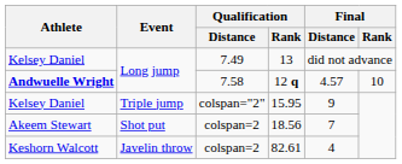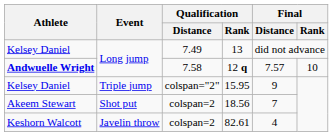 <table class="wikitable" style="font-size:90%; text-align:center">
 <tr>
 <th rowspan=2>Athlete</th>
 <th rowspan=2>Event</th>
 <th colspan=2>Qualification</th>
 <th colspan=2>Final</th>
 </tr>
 <tr style="font-size:95%">
 <th>Distance</th>
 <th>Rank</th>
 <th>Distance</th>
 <th>Rank</th>
 </tr>
 <tr>
 <td align=left><a href='#'>Kelsey Daniel</a></td>
 <td align=left rowspan=2><a href='#'>Long jump</a></td>
 <td>7.49</td>
 <td>13</td>
 <td colspan=2>did not advance</td>
 </tr>
 <tr>
 <td align=left><strong><a href='#'>Andwuelle Wright</a></strong></td>
 <td>7.58</td>
 <td>12 <strong>q</strong></td>
-<td>4.57</td>
+<td>7.57</td>
 <td>10</td>
 </tr>
 <tr>
 <td align=left><a href='#'>Kelsey Daniel</a></td>
 <td align=left rowspan=1><a href='#'>Triple jump</a></td>
 <td>colspan="2" </td>
 <td>15.95</td>
 <td>9</td>
 </tr>
 <tr>
 <td align=left><a href='#'>Akeem Stewart</a></td>
 <td align=left rowspan=1><a href='#'>Shot put</a></td>
 <td>colspan=2 </td>
 <td>18.56</td>
 <td>7</td>
 </tr>
 <tr>
 <td align=left><a href='#'>Keshorn Walcott</a></td>
 <td align=left rowspan=1><a href='#'>Javelin throw</a></td>
 <td>colspan=2 </td>
 <td>82.61</td>
 <td>4</td>
 </tr>
 </table>
